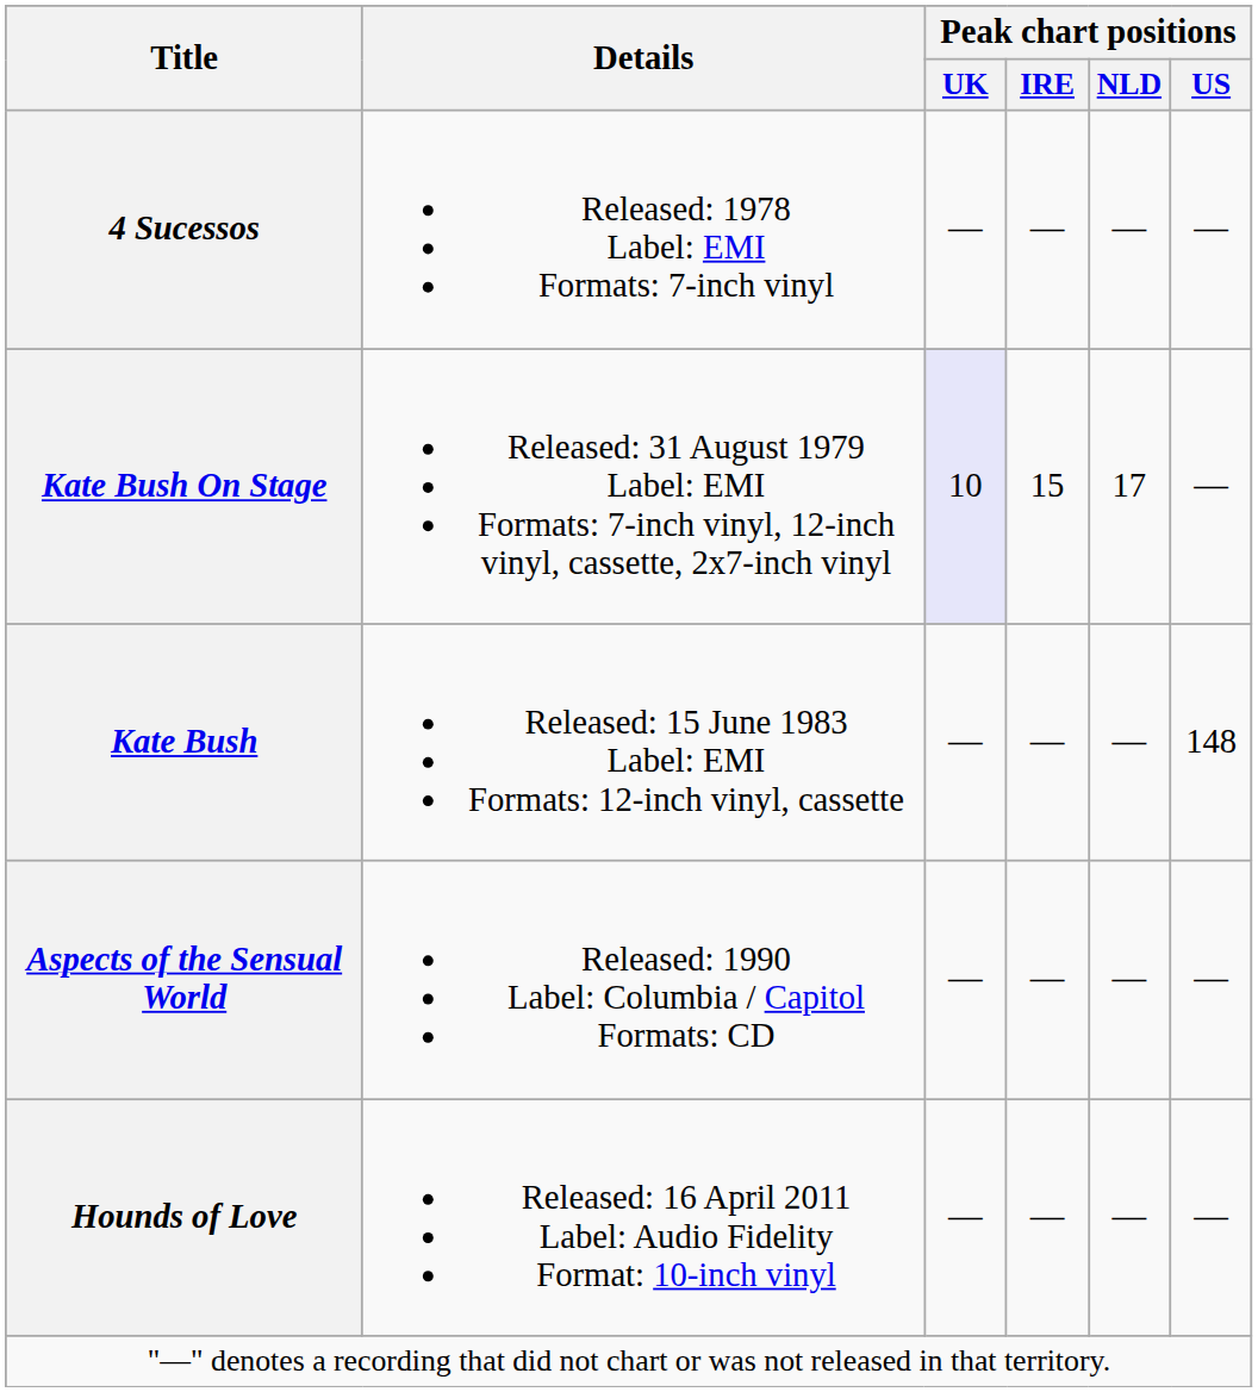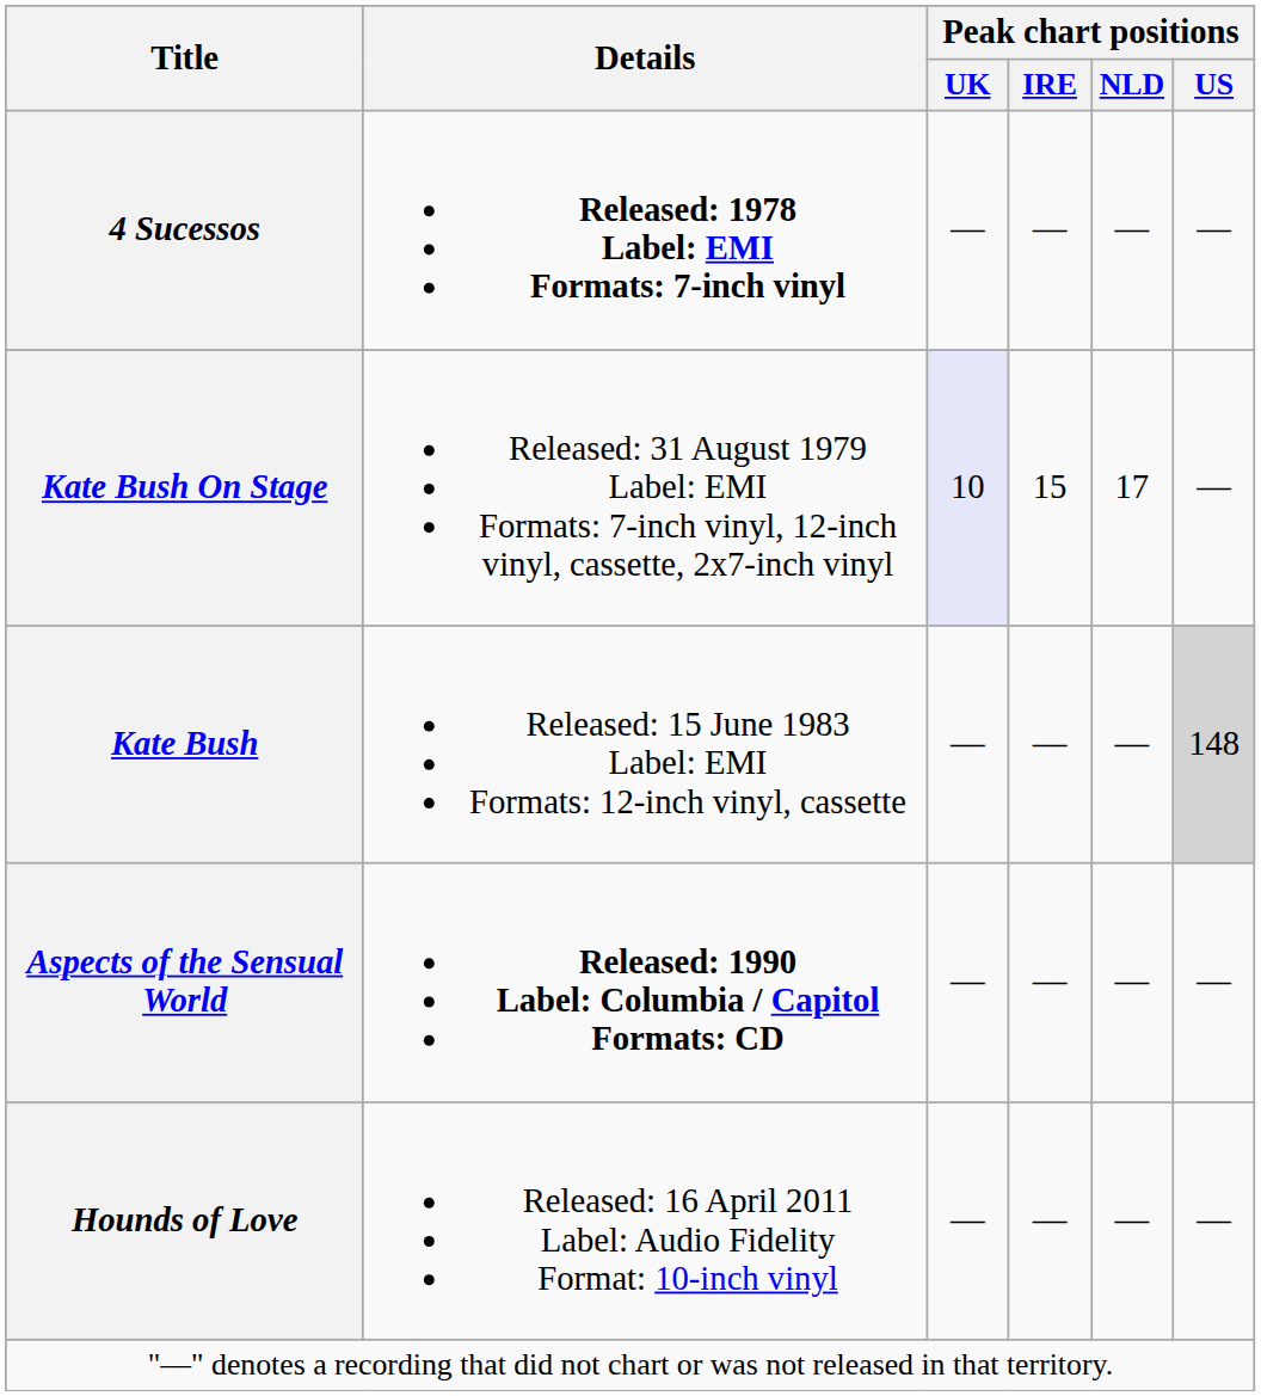 <table class="wikitable plainrowheaders" style="text-align:center; border:1">
 <tr>
 <th scope="col" rowspan="2" style="width:10em;">Title</th>
 <th scope="col" rowspan="2" style="width:16em;">Details</th>
 <th scope="col" colspan="5">Peak chart positions</th>
 </tr>
 <tr>
 <th scope="col" style="width:2.2em;font-size:90%;"><a href='#'>UK</a><br></th>
 <th scope="col" style="width:2.2em;font-size:90%;"><a href='#'>IRE</a><br></th>
 <th scope="col" style="width:2.2em;font-size:90%;"><a href='#'>NLD</a><br></th>
 <th scope="col" style="width:2.2em;font-size:90%;"><a href='#'>US</a><br></th>
 </tr>
 <tr>
 <th scope="row"><em>4 Sucessos</em><br></th>
-<td><br><ul><li>Released: 1978</li><li>Label: <a href='#'>EMI</a> </li><li>Formats: 7-inch vinyl</li></ul></td>
+<td><strong><br><ul><li>Released: 1978</li><li>Label: <a href='#'>EMI</a> </li><li>Formats: 7-inch vinyl</li></ul></strong></td>
 <td>—</td>
 <td>—</td>
 <td>—</td>
 <td>—</td>
 </tr>
 <tr>
 <th scope="row"><em><a href='#'>Kate Bush On Stage</a></em></th>
 <td><br><ul><li>Released: 31 August 1979</li><li>Label: EMI</li><li>Formats: 7-inch vinyl, 12-inch vinyl, cassette, 2x7-inch vinyl</li></ul></td>
 <td style="background: lavender;">10</td>
 <td>15</td>
 <td>17</td>
 <td>—</td>
 </tr>
 <tr>
 <th scope="row"><em><a href='#'>Kate Bush</a></em></th>
 <td><br><ul><li>Released: 15 June 1983</li><li>Label: EMI </li><li>Formats: 12-inch vinyl, cassette</li></ul></td>
 <td>—</td>
 <td>—</td>
 <td>—</td>
-<td>148</td>
+<td style="background: lightgrey;">148</td>
 </tr>
 <tr>
 <th scope="row"><em><a href='#'>Aspects of the Sensual World</a></em></th>
-<td><br><ul><li>Released: 1990</li><li>Label: Columbia  / <a href='#'>Capitol</a> </li><li>Formats: CD</li></ul></td>
+<td><strong><br><ul><li>Released: 1990</li><li>Label: Columbia  / <a href='#'>Capitol</a> </li><li>Formats: CD</li></ul></strong></td>
 <td>—</td>
 <td>—</td>
 <td>—</td>
 <td>—</td>
 </tr>
 <tr>
 <th scope="row"><em>Hounds of Love</em><br></th>
 <td><br><ul><li>Released: 16 April 2011</li><li>Label: Audio Fidelity</li><li>Format: <a href='#'>10-inch vinyl</a></li></ul></td>
 <td>—</td>
 <td>—</td>
 <td>—</td>
 <td>—</td>
 </tr>
 <tr>
 <td colspan="6" style="font-size:90%">"—" denotes a recording that did not chart or was not released in that territory.</td>
 </tr>
 </table>
